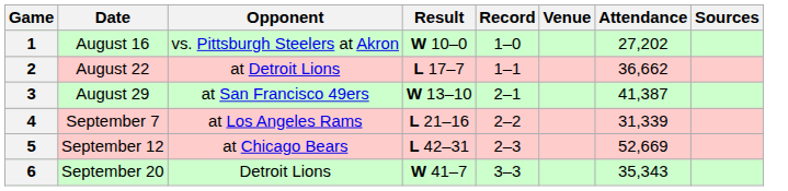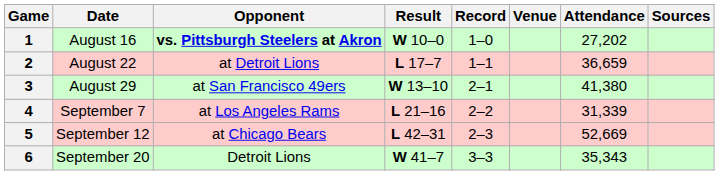 <table class="wikitable" style="text-align:center">
 <tr>
 <th>Game</th>
 <th>Date</th>
 <th>Opponent</th>
 <th>Result</th>
 <th>Record</th>
 <th>Venue</th>
 <th>Attendance</th>
 <th>Sources</th>
 </tr>
 <tr style="background:#cfc">
 <th>1</th>
 <td>August 16</td>
-<td>vs. <a href='#'>Pittsburgh Steelers</a> at <a href='#'>Akron</a></td>
+<td><strong>vs. <a href='#'>Pittsburgh Steelers</a> at <a href='#'>Akron</a></strong></td>
 <td><strong>W</strong> 10–0</td>
 <td>1–0</td>
 <td></td>
 <td>27,202</td>
 <td></td>
 </tr>
 <tr style="background:#fcc">
 <th>2</th>
 <td>August 22</td>
 <td>at <a href='#'>Detroit Lions</a></td>
 <td><strong>L</strong> 17–7</td>
 <td>1–1</td>
 <td></td>
-<td>36,662</td>
+<td>36,659</td>
 <td></td>
 </tr>
 <tr style="background:#cfc">
 <th>3</th>
 <td>August 29</td>
 <td>at <a href='#'>San Francisco 49ers</a></td>
 <td><strong>W</strong> 13–10</td>
 <td>2–1</td>
 <td></td>
-<td>41,387</td>
+<td>41,380</td>
 <td></td>
 </tr>
 <tr style="background:#fcc">
 <th>4</th>
 <td>September 7</td>
 <td>at <a href='#'>Los Angeles Rams</a></td>
 <td><strong>L</strong> 21–16</td>
 <td>2–2</td>
 <td></td>
 <td>31,339</td>
 <td></td>
 </tr>
 <tr style="background:#fcc">
 <th>5</th>
 <td>September 12</td>
 <td>at <a href='#'>Chicago Bears</a></td>
 <td><strong>L</strong> 42–31</td>
 <td>2–3</td>
 <td></td>
 <td>52,669</td>
 <td></td>
 </tr>
 <tr style="background:#cfc">
 <th>6</th>
 <td>September 20</td>
 <td>Detroit Lions</td>
 <td><strong>W</strong> 41–7</td>
 <td>3–3</td>
 <td></td>
 <td>35,343</td>
 <td></td>
 </tr>
 </table>
